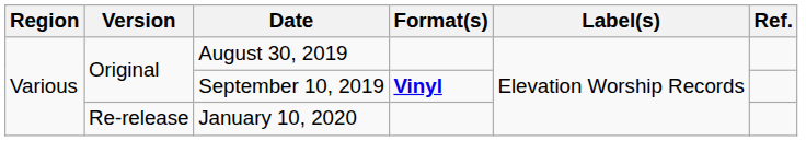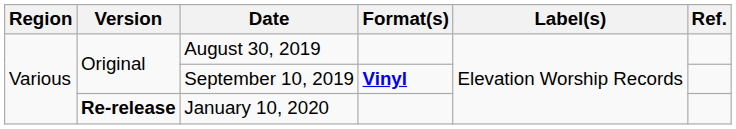 <table class="wikitable plainrowheaders">
 <tr>
 <th scope="col">Region</th>
 <th scope="col">Version</th>
 <th scope="col">Date</th>
 <th scope="col">Format(s)</th>
 <th scope="col">Label(s)</th>
 <th scope="col">Ref.</th>
 </tr>
 <tr>
 <td rowspan="3">Various</td>
 <td rowspan="2">Original</td>
 <td>August 30, 2019</td>
 <td></td>
 <td rowspan="3">Elevation Worship Records</td>
 <td></td>
 </tr>
 <tr>
 <td>September 10, 2019</td>
 <td><strong><a href='#'>Vinyl</a></strong></td>
 <td></td>
 </tr>
 <tr>
-<td>Re-release</td>
+<td><strong>Re-release</strong></td>
 <td>January 10, 2020</td>
 <td></td>
 <td></td>
 </tr>
 </table>
